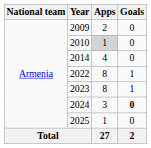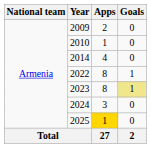 <table class="wikitable" style="text-align:center">
 <tr>
 <th>National team</th>
 <th>Year</th>
 <th>Apps</th>
 <th>Goals</th>
 </tr>
 <tr>
 <td rowspan="7"><a href='#'>Armenia</a></td>
 <td>2009</td>
 <td>2</td>
 <td>0</td>
 </tr>
 <tr>
 <td>2010</td>
-<td style="background: lightgrey;">1</td>
+<td>1</td>
 <td>0</td>
 </tr>
 <tr>
 <td>2014</td>
 <td>4</td>
 <td>0</td>
 </tr>
 <tr>
 <td>2022</td>
 <td>8</td>
 <td>1</td>
 </tr>
 <tr>
 <td>2023</td>
 <td>8</td>
-<td>1</td>
+<td style="background: khaki;">1</td>
 </tr>
 <tr>
 <td>2024</td>
 <td>3</td>
-<td><strong>0</strong></td>
+<td>0</td>
 </tr>
 <tr>
 <td>2025</td>
-<td>1</td>
+<td style="background: gold;">1</td>
 <td>0</td>
 </tr>
 <tr>
 <th colspan="2">Total</th>
 <th>27</th>
 <th>2</th>
 </tr>
 </table>
